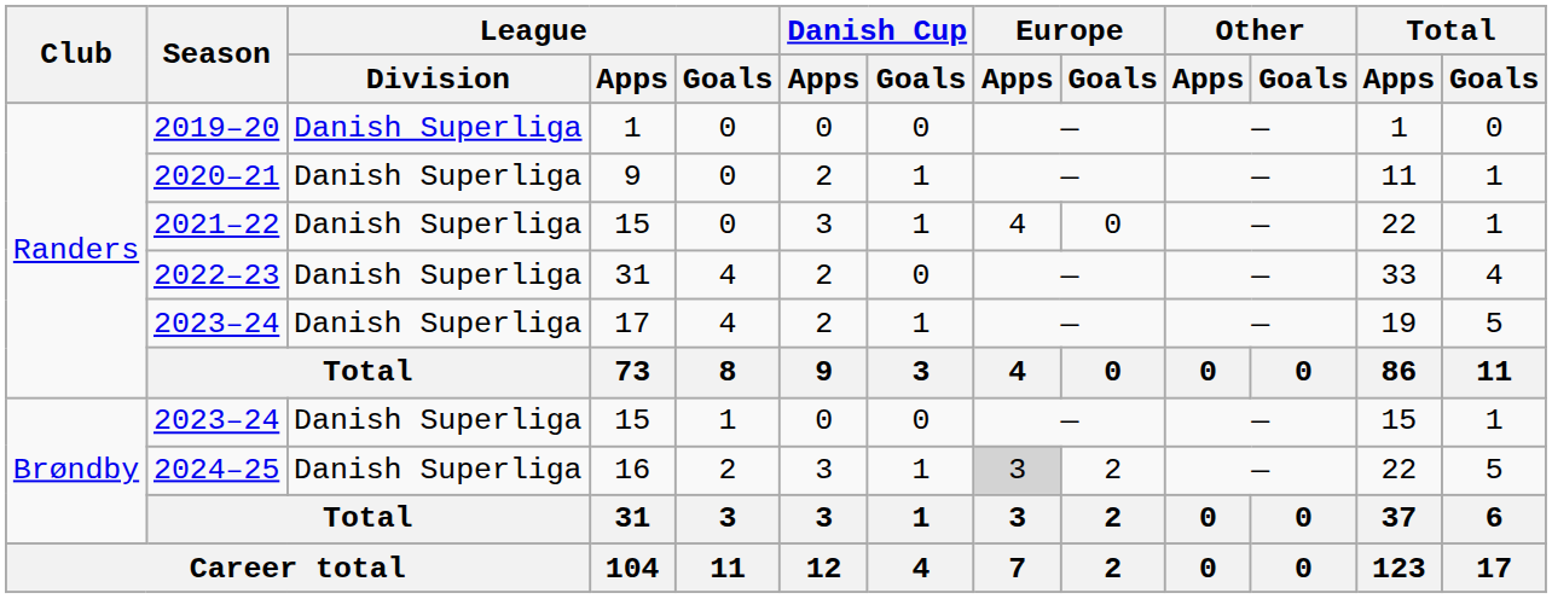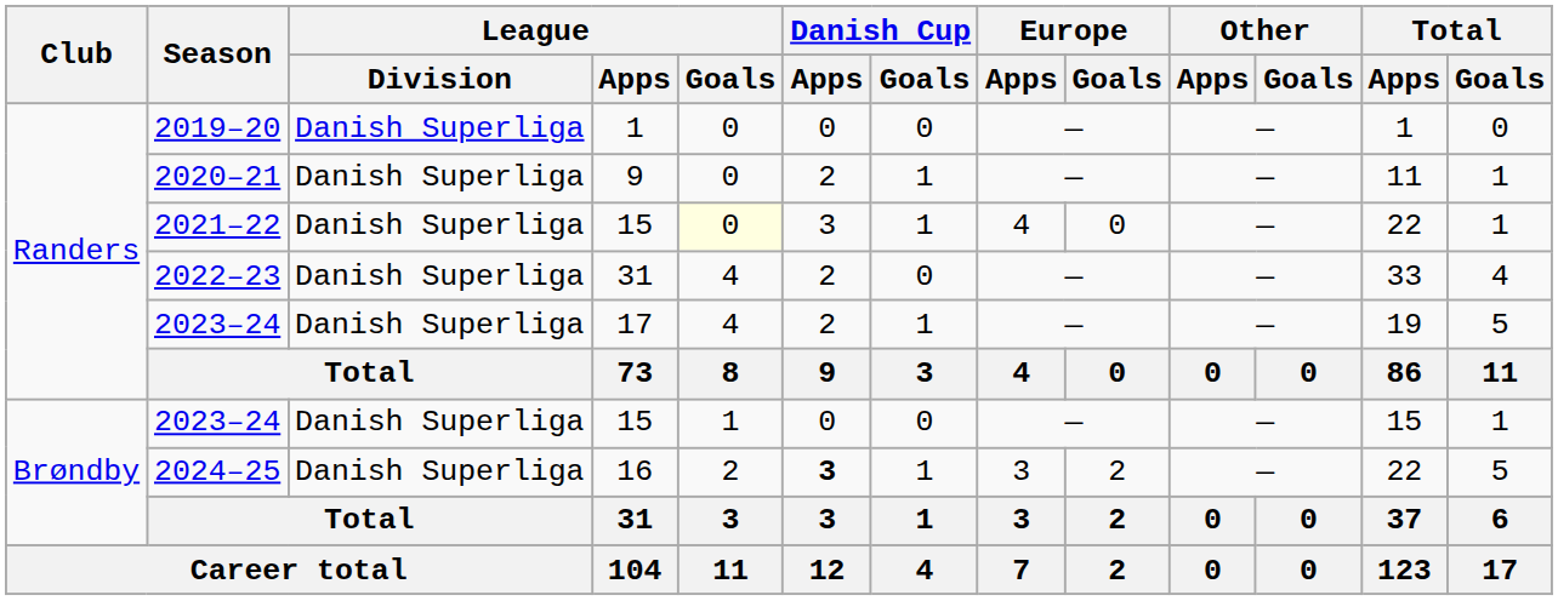 <table class="wikitable" style="text-align: center">
 <tr>
 <th rowspan="2">Club</th>
 <th rowspan="2">Season</th>
 <th colspan="3">League</th>
 <th colspan="2"><a href='#'>Danish Cup</a></th>
 <th colspan="2">Europe</th>
 <th colspan="2">Other</th>
 <th colspan="2">Total</th>
 </tr>
 <tr>
 <th>Division</th>
 <th>Apps</th>
 <th>Goals</th>
 <th>Apps</th>
 <th>Goals</th>
 <th>Apps</th>
 <th>Goals</th>
 <th>Apps</th>
 <th>Goals</th>
 <th>Apps</th>
 <th>Goals</th>
 </tr>
 <tr>
 <td rowspan="6"><a href='#'>Randers</a></td>
 <td><a href='#'>2019–20</a></td>
 <td><a href='#'>Danish Superliga</a></td>
 <td>1</td>
 <td>0</td>
 <td>0</td>
 <td>0</td>
 <td colspan="2">—</td>
 <td colspan="2">—</td>
 <td>1</td>
 <td>0</td>
 </tr>
 <tr>
 <td><a href='#'>2020–21</a></td>
 <td>Danish Superliga</td>
 <td>9</td>
 <td>0</td>
 <td>2</td>
 <td>1</td>
 <td colspan="2">—</td>
 <td colspan="2">—</td>
 <td>11</td>
 <td>1</td>
 </tr>
 <tr>
 <td><a href='#'>2021–22</a></td>
 <td>Danish Superliga</td>
 <td>15</td>
-<td>0</td>
+<td style="background: lightyellow;">0</td>
 <td>3</td>
 <td>1</td>
 <td>4</td>
 <td>0</td>
 <td colspan="2">—</td>
 <td>22</td>
 <td>1</td>
 </tr>
 <tr>
 <td><a href='#'>2022–23</a></td>
 <td>Danish Superliga</td>
 <td>31</td>
 <td>4</td>
 <td>2</td>
 <td>0</td>
 <td colspan="2">—</td>
 <td colspan="2">—</td>
 <td>33</td>
 <td>4</td>
 </tr>
 <tr>
 <td><a href='#'>2023–24</a></td>
 <td>Danish Superliga</td>
 <td>17</td>
 <td>4</td>
 <td>2</td>
 <td>1</td>
 <td colspan="2">—</td>
 <td colspan="2">—</td>
 <td>19</td>
 <td>5</td>
 </tr>
 <tr>
 <th colspan="2">Total</th>
 <th>73</th>
 <th>8</th>
 <th>9</th>
 <th>3</th>
 <th>4</th>
 <th>0</th>
 <th>0</th>
 <th>0</th>
 <th>86</th>
 <th>11</th>
 </tr>
 <tr>
 <td rowspan="3"><a href='#'>Brøndby</a></td>
 <td><a href='#'>2023–24</a></td>
 <td>Danish Superliga</td>
 <td>15</td>
 <td>1</td>
 <td>0</td>
 <td>0</td>
 <td colspan="2">—</td>
 <td colspan="2">—</td>
 <td>15</td>
 <td>1</td>
 </tr>
 <tr>
 <td><a href='#'>2024–25</a></td>
 <td>Danish Superliga</td>
 <td>16</td>
 <td>2</td>
+<td><strong>3</strong></td>
+<td>1</td>
 <td>3</td>
-<td>1</td>
-<td style="background: lightgrey;">3</td>
 <td>2</td>
 <td colspan="2">—</td>
 <td>22</td>
 <td>5</td>
 </tr>
 <tr>
 <th colspan="2">Total</th>
 <th>31</th>
 <th>3</th>
 <th>3</th>
 <th>1</th>
 <th>3</th>
 <th>2</th>
 <th>0</th>
 <th>0</th>
 <th>37</th>
 <th>6</th>
 </tr>
 <tr>
 <th colspan="3">Career total</th>
 <th>104</th>
 <th>11</th>
 <th>12</th>
 <th>4</th>
 <th>7</th>
 <th>2</th>
 <th>0</th>
 <th>0</th>
 <th>123</th>
 <th>17</th>
 </tr>
 </table>
